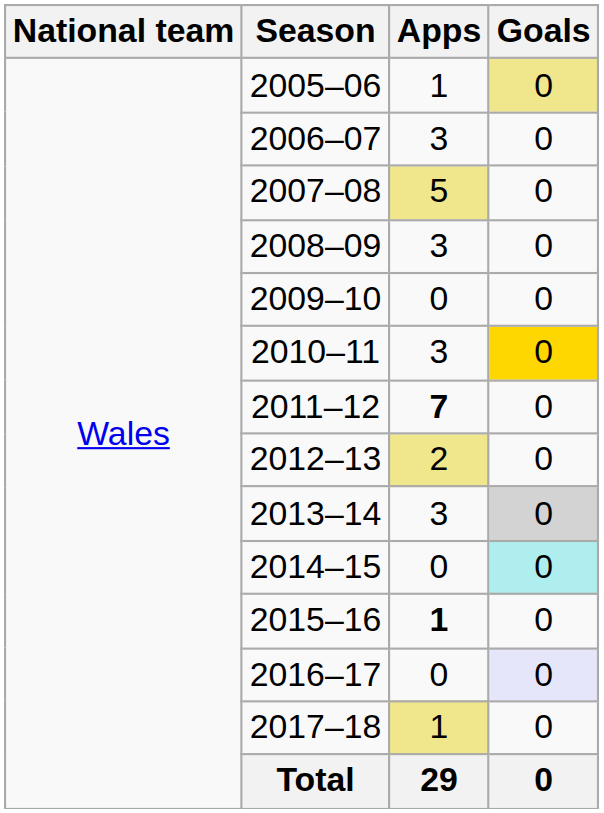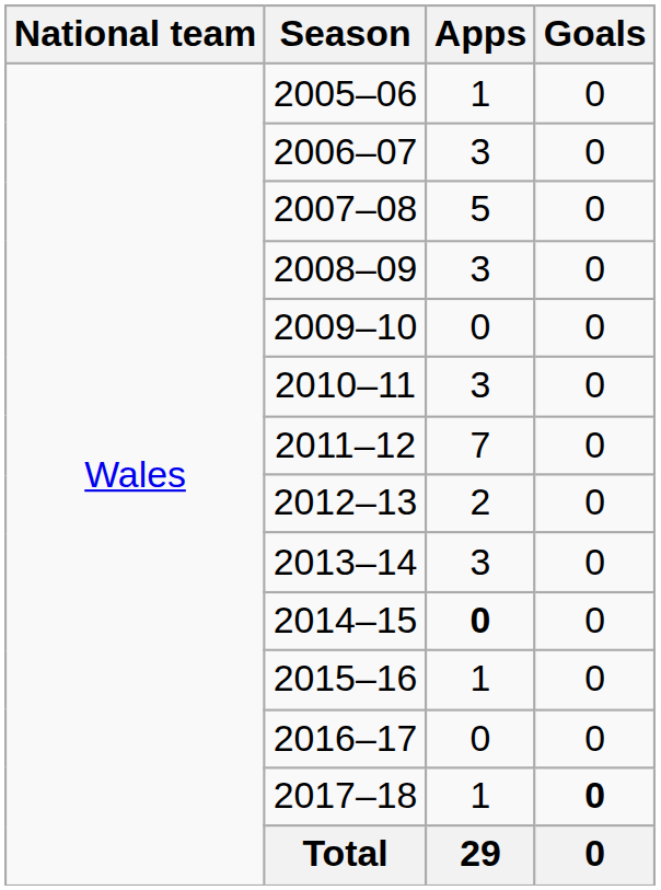 <table class="wikitable" style="text-align:center">
 <tr>
 <th>National team</th>
 <th>Season</th>
 <th>Apps</th>
 <th>Goals</th>
 </tr>
 <tr>
 <td rowspan="14"><a href='#'>Wales</a></td>
 <td>2005–06</td>
 <td>1</td>
-<td style="background: khaki;">0</td>
+<td>0</td>
 </tr>
 <tr>
 <td>2006–07</td>
 <td>3</td>
 <td>0</td>
 </tr>
 <tr>
 <td>2007–08</td>
-<td style="background: khaki;">5</td>
+<td>5</td>
 <td>0</td>
 </tr>
 <tr>
 <td>2008–09</td>
 <td>3</td>
 <td>0</td>
 </tr>
 <tr>
 <td>2009–10</td>
 <td>0</td>
 <td>0</td>
 </tr>
 <tr>
 <td>2010–11</td>
 <td>3</td>
-<td style="background: gold;">0</td>
+<td>0</td>
 </tr>
 <tr>
 <td>2011–12</td>
-<td><strong>7</strong></td>
+<td>7</td>
 <td>0</td>
 </tr>
 <tr>
 <td>2012–13</td>
-<td style="background: khaki;">2</td>
+<td>2</td>
 <td>0</td>
 </tr>
 <tr>
 <td>2013–14</td>
 <td>3</td>
-<td style="background: lightgrey;">0</td>
+<td>0</td>
 </tr>
 <tr>
 <td>2014–15</td>
+<td><strong>0</strong></td>
 <td>0</td>
-<td style="background: paleturquoise;">0</td>
 </tr>
 <tr>
 <td>2015–16</td>
-<td><strong>1</strong></td>
+<td>1</td>
 <td>0</td>
 </tr>
 <tr>
 <td>2016–17</td>
 <td>0</td>
-<td style="background: lavender;">0</td>
+<td>0</td>
 </tr>
 <tr>
 <td>2017–18</td>
-<td style="background: khaki;">1</td>
-<td>0</td>
+<td>1</td>
+<td><strong>0</strong></td>
 </tr>
 <tr>
 <th>Total</th>
 <th>29</th>
 <th>0</th>
 </tr>
 </table>
